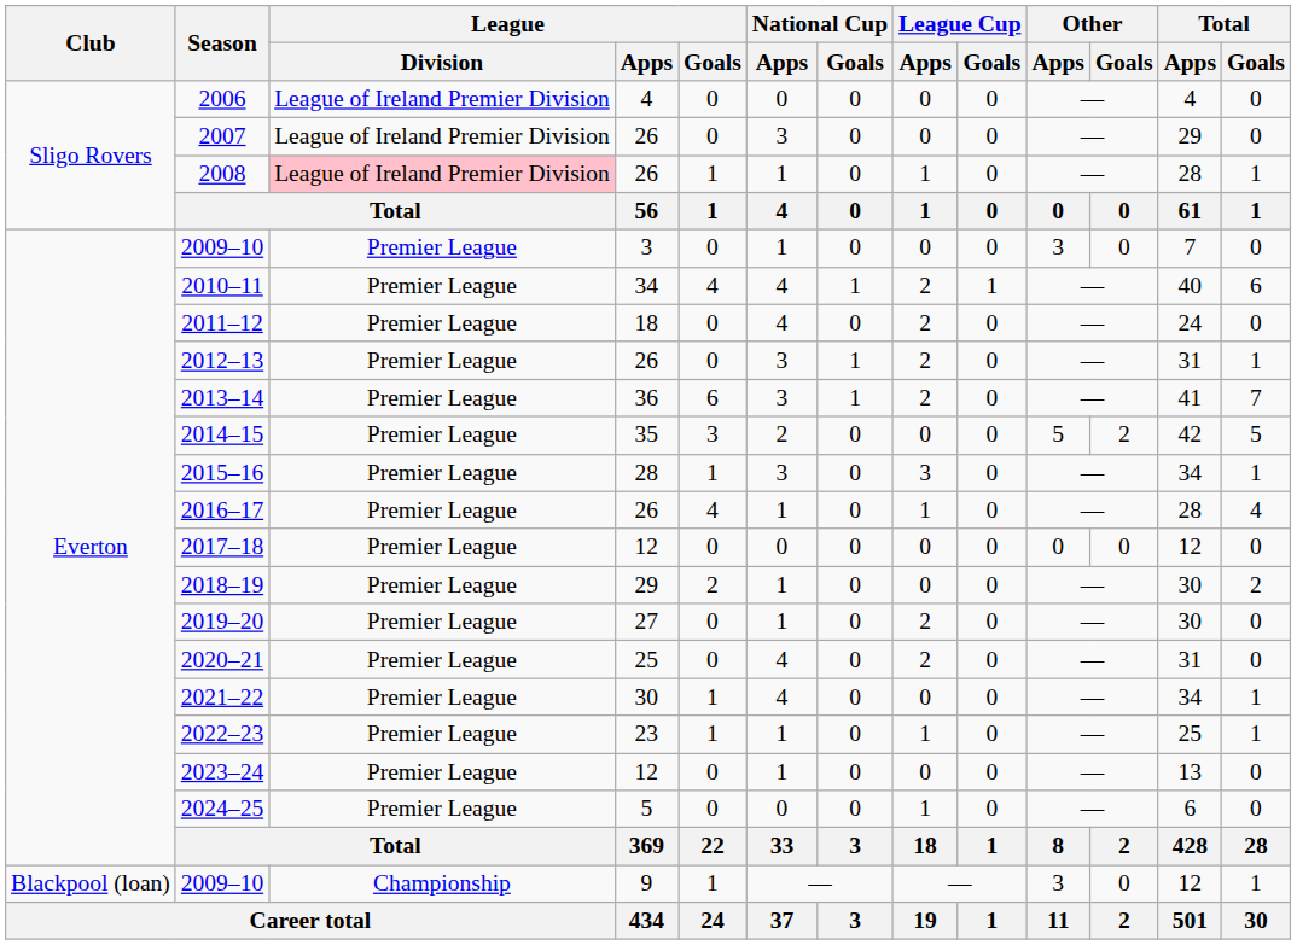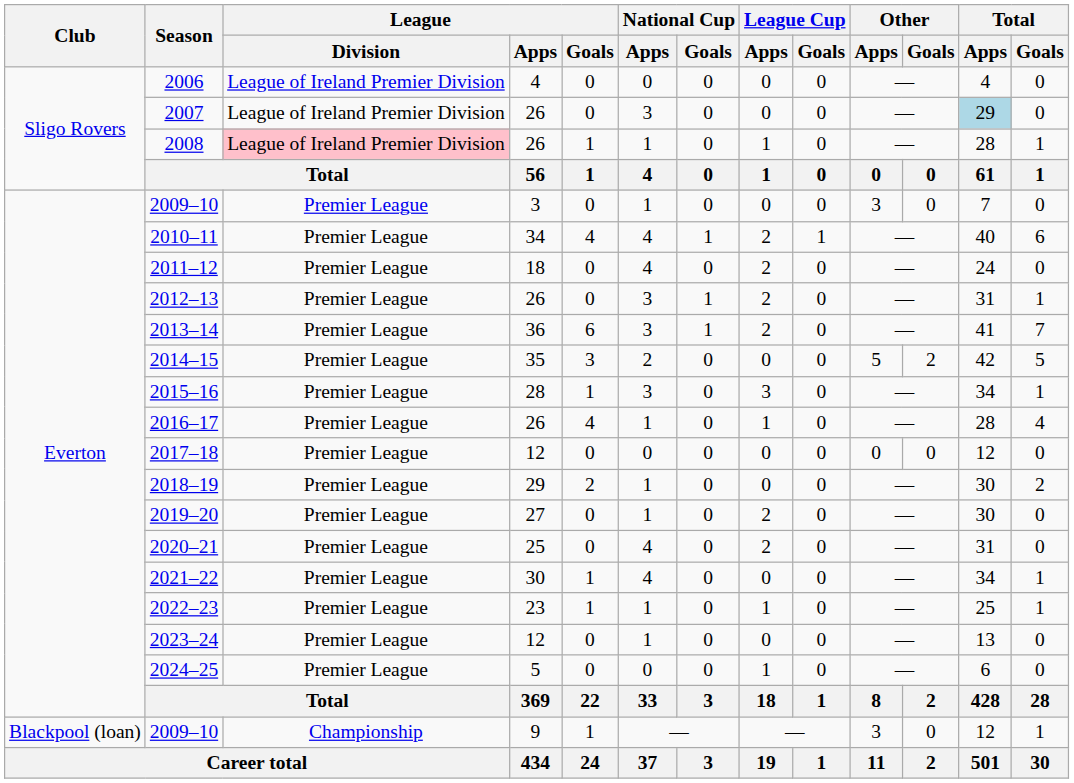 <table class="wikitable" style="text-align:center">
 <tr>
 <th rowspan="2">Club</th>
 <th rowspan="2">Season</th>
 <th colspan="3">League</th>
 <th colspan="2">National Cup</th>
 <th colspan="2"><a href='#'>League Cup</a></th>
 <th colspan="2">Other</th>
 <th colspan="2">Total</th>
 </tr>
 <tr>
 <th>Division</th>
 <th>Apps</th>
 <th>Goals</th>
 <th>Apps</th>
 <th>Goals</th>
 <th>Apps</th>
 <th>Goals</th>
 <th>Apps</th>
 <th>Goals</th>
 <th>Apps</th>
 <th>Goals</th>
 </tr>
 <tr>
 <td rowspan="4"><a href='#'>Sligo Rovers</a></td>
 <td><a href='#'>2006</a></td>
 <td><a href='#'>League of Ireland Premier Division</a></td>
 <td>4</td>
 <td>0</td>
 <td>0</td>
 <td>0</td>
 <td>0</td>
 <td>0</td>
 <td colspan="2">—</td>
 <td>4</td>
 <td>0</td>
 </tr>
 <tr>
 <td><a href='#'>2007</a></td>
 <td>League of Ireland Premier Division</td>
 <td>26</td>
 <td>0</td>
 <td>3</td>
 <td>0</td>
 <td>0</td>
 <td>0</td>
 <td colspan="2">—</td>
-<td>29</td>
+<td style="background: lightblue;">29</td>
 <td>0</td>
 </tr>
 <tr>
 <td><a href='#'>2008</a></td>
 <td style="background: pink;">League of Ireland Premier Division</td>
 <td>26</td>
 <td>1</td>
 <td>1</td>
 <td>0</td>
 <td>1</td>
 <td>0</td>
 <td colspan="2">—</td>
 <td>28</td>
 <td>1</td>
 </tr>
 <tr>
 <th colspan="2">Total</th>
 <th>56</th>
 <th>1</th>
 <th>4</th>
 <th>0</th>
 <th>1</th>
 <th>0</th>
 <th>0</th>
 <th>0</th>
 <th>61</th>
 <th>1</th>
 </tr>
 <tr>
 <td rowspan="17"><a href='#'>Everton</a></td>
 <td><a href='#'>2009–10</a></td>
 <td><a href='#'>Premier League</a></td>
 <td>3</td>
 <td>0</td>
 <td>1</td>
 <td>0</td>
 <td>0</td>
 <td>0</td>
 <td>3</td>
 <td>0</td>
 <td>7</td>
 <td>0</td>
 </tr>
 <tr>
 <td><a href='#'>2010–11</a></td>
 <td>Premier League</td>
 <td>34</td>
 <td>4</td>
 <td>4</td>
 <td>1</td>
 <td>2</td>
 <td>1</td>
 <td colspan="2">—</td>
 <td>40</td>
 <td>6</td>
 </tr>
 <tr>
 <td><a href='#'>2011–12</a></td>
 <td>Premier League</td>
 <td>18</td>
 <td>0</td>
 <td>4</td>
 <td>0</td>
 <td>2</td>
 <td>0</td>
 <td colspan="2">—</td>
 <td>24</td>
 <td>0</td>
 </tr>
 <tr>
 <td><a href='#'>2012–13</a></td>
 <td>Premier League</td>
 <td>26</td>
 <td>0</td>
 <td>3</td>
 <td>1</td>
 <td>2</td>
 <td>0</td>
 <td colspan="2">—</td>
 <td>31</td>
 <td>1</td>
 </tr>
 <tr>
 <td><a href='#'>2013–14</a></td>
 <td>Premier League</td>
 <td>36</td>
 <td>6</td>
 <td>3</td>
 <td>1</td>
 <td>2</td>
 <td>0</td>
 <td colspan="2">—</td>
 <td>41</td>
 <td>7</td>
 </tr>
 <tr>
 <td><a href='#'>2014–15</a></td>
 <td>Premier League</td>
 <td>35</td>
 <td>3</td>
 <td>2</td>
 <td>0</td>
 <td>0</td>
 <td>0</td>
 <td>5</td>
 <td>2</td>
 <td>42</td>
 <td>5</td>
 </tr>
 <tr>
 <td><a href='#'>2015–16</a></td>
 <td>Premier League</td>
 <td>28</td>
 <td>1</td>
 <td>3</td>
 <td>0</td>
 <td>3</td>
 <td>0</td>
 <td colspan="2">—</td>
 <td>34</td>
 <td>1</td>
 </tr>
 <tr>
 <td><a href='#'>2016–17</a></td>
 <td>Premier League</td>
 <td>26</td>
 <td>4</td>
 <td>1</td>
 <td>0</td>
 <td>1</td>
 <td>0</td>
 <td colspan="2">—</td>
 <td>28</td>
 <td>4</td>
 </tr>
 <tr>
 <td><a href='#'>2017–18</a></td>
 <td>Premier League</td>
 <td>12</td>
 <td>0</td>
 <td>0</td>
 <td>0</td>
 <td>0</td>
 <td>0</td>
 <td>0</td>
 <td>0</td>
 <td>12</td>
 <td>0</td>
 </tr>
 <tr>
 <td><a href='#'>2018–19</a></td>
 <td>Premier League</td>
 <td>29</td>
 <td>2</td>
 <td>1</td>
 <td>0</td>
 <td>0</td>
 <td>0</td>
 <td colspan="2">—</td>
 <td>30</td>
 <td>2</td>
 </tr>
 <tr>
 <td><a href='#'>2019–20</a></td>
 <td>Premier League</td>
 <td>27</td>
 <td>0</td>
 <td>1</td>
 <td>0</td>
 <td>2</td>
 <td>0</td>
 <td colspan="2">—</td>
 <td>30</td>
 <td>0</td>
 </tr>
 <tr>
 <td><a href='#'>2020–21</a></td>
 <td>Premier League</td>
 <td>25</td>
 <td>0</td>
 <td>4</td>
 <td>0</td>
 <td>2</td>
 <td>0</td>
 <td colspan="2">—</td>
 <td>31</td>
 <td>0</td>
 </tr>
 <tr>
 <td><a href='#'>2021–22</a></td>
 <td>Premier League</td>
 <td>30</td>
 <td>1</td>
 <td>4</td>
 <td>0</td>
 <td>0</td>
 <td>0</td>
 <td colspan="2">—</td>
 <td>34</td>
 <td>1</td>
 </tr>
 <tr>
 <td><a href='#'>2022–23</a></td>
 <td>Premier League</td>
 <td>23</td>
 <td>1</td>
 <td>1</td>
 <td>0</td>
 <td>1</td>
 <td>0</td>
 <td colspan="2">—</td>
 <td>25</td>
 <td>1</td>
 </tr>
 <tr>
 <td><a href='#'>2023–24</a></td>
 <td>Premier League</td>
 <td>12</td>
 <td>0</td>
 <td>1</td>
 <td>0</td>
 <td>0</td>
 <td>0</td>
 <td colspan="2">—</td>
 <td>13</td>
 <td>0</td>
 </tr>
 <tr>
 <td><a href='#'>2024–25</a></td>
 <td>Premier League</td>
 <td>5</td>
 <td>0</td>
 <td>0</td>
 <td>0</td>
 <td>1</td>
 <td>0</td>
 <td colspan="2">—</td>
 <td>6</td>
 <td>0</td>
 </tr>
 <tr>
 <th colspan="2">Total</th>
 <th>369</th>
 <th>22</th>
 <th>33</th>
 <th>3</th>
 <th>18</th>
 <th>1</th>
 <th>8</th>
 <th>2</th>
 <th>428</th>
 <th>28</th>
 </tr>
 <tr>
 <td><a href='#'>Blackpool</a> (loan)</td>
 <td><a href='#'>2009–10</a></td>
 <td><a href='#'>Championship</a></td>
 <td>9</td>
 <td>1</td>
 <td colspan="2">—</td>
 <td colspan="2">—</td>
 <td>3</td>
 <td>0</td>
 <td>12</td>
 <td>1</td>
 </tr>
 <tr>
 <th colspan="3">Career total</th>
 <th>434</th>
 <th>24</th>
 <th>37</th>
 <th>3</th>
 <th>19</th>
 <th>1</th>
 <th>11</th>
 <th>2</th>
 <th>501</th>
 <th>30</th>
 </tr>
 </table>
